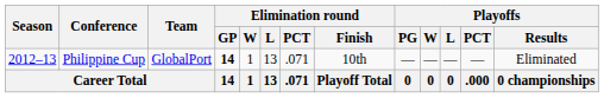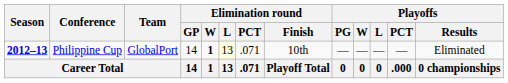 <table class="wikitable" style="text-align:center">
 <tr>
 <th rowspan="2">Season</th>
 <th rowspan="2">Conference</th>
 <th rowspan="2">Team</th>
 <th colspan="5">Elimination round</th>
 <th colspan="5">Playoffs</th>
 </tr>
 <tr>
 <th>GP</th>
 <th>W</th>
 <th>L</th>
 <th>PCT</th>
 <th>Finish</th>
 <th>PG</th>
 <th>W</th>
 <th>L</th>
 <th>PCT</th>
 <th>Results</th>
 </tr>
 <tr>
-<td><a href='#'>2012–13</a></td>
+<td><strong><a href='#'>2012–13</a></strong></td>
 <td><a href='#'>Philippine Cup</a></td>
 <td><a href='#'>GlobalPort</a></td>
-<td><strong>14</strong></td>
-<td>1</td>
-<td>13</td>
+<td>14</td>
+<td><strong>1</strong></td>
+<td style="background: lightyellow;">13</td>
 <td>.071</td>
 <td>10th</td>
 <td>—</td>
 <td>—</td>
 <td>—</td>
 <td>—</td>
 <td>Eliminated</td>
 </tr>
 <tr>
 <th colspan="3"><strong>Career Total</strong></th>
 <th><strong>14</strong></th>
 <th><strong>1</strong></th>
 <th><strong>13</strong></th>
 <th><strong>.071</strong></th>
 <th>Playoff Total</th>
 <th>0</th>
 <th>0</th>
 <th>0</th>
 <th><strong>.000</strong></th>
 <th><strong>0 championships</strong></th>
 </tr>
 </table>
